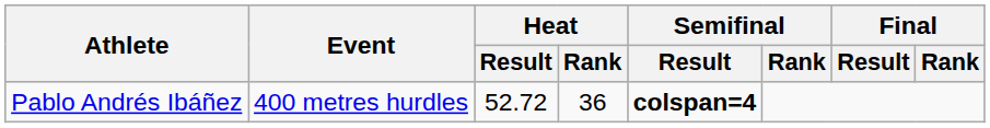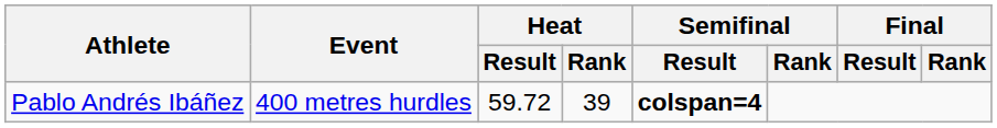 <table class=wikitable style=font-size:90%>
 <tr>
 <th rowspan=2>Athlete</th>
 <th rowspan=2>Event</th>
 <th colspan=2>Heat</th>
 <th colspan=2>Semifinal</th>
 <th colspan=2>Final</th>
 </tr>
 <tr style=font-size:95%>
 <th>Result</th>
 <th>Rank</th>
 <th>Result</th>
 <th>Rank</th>
 <th>Result</th>
 <th>Rank</th>
 </tr>
 <tr align=center>
 <td align=left><a href='#'>Pablo Andrés Ibáñez</a></td>
 <td align=left><a href='#'>400 metres hurdles</a></td>
-<td>52.72</td>
-<td>36</td>
+<td>59.72</td>
+<td>39</td>
 <td><strong>colspan=4 </strong></td>
 </tr>
 </table>
